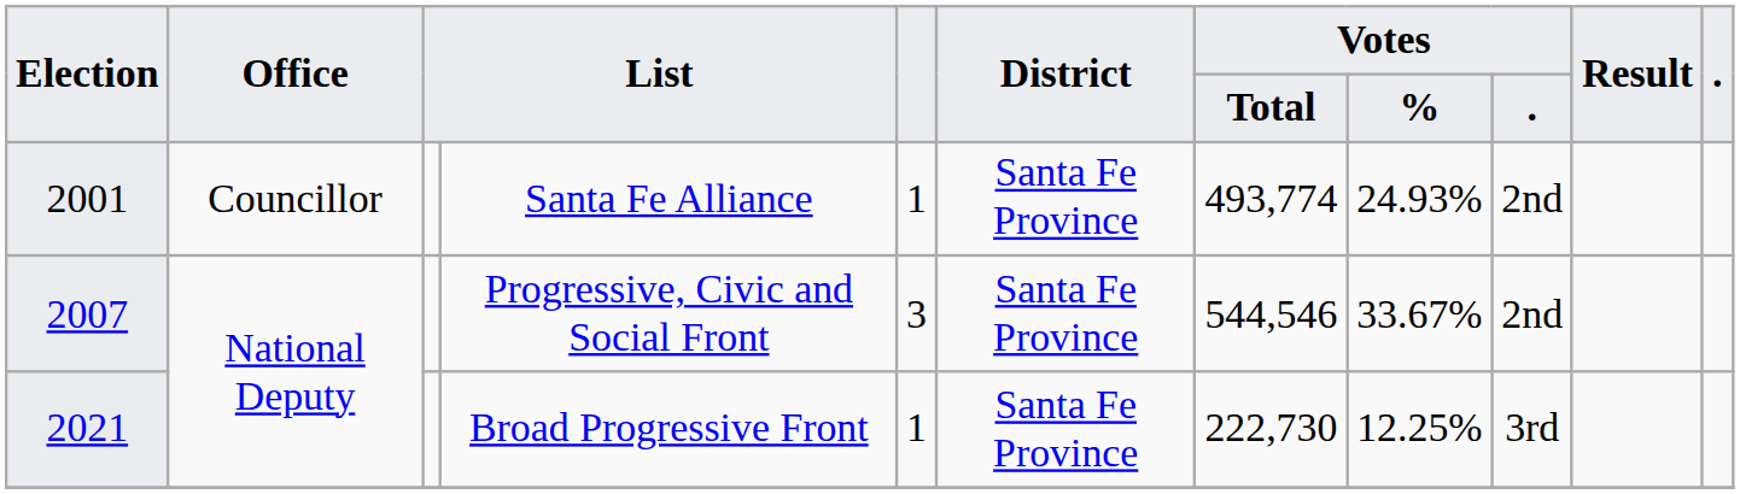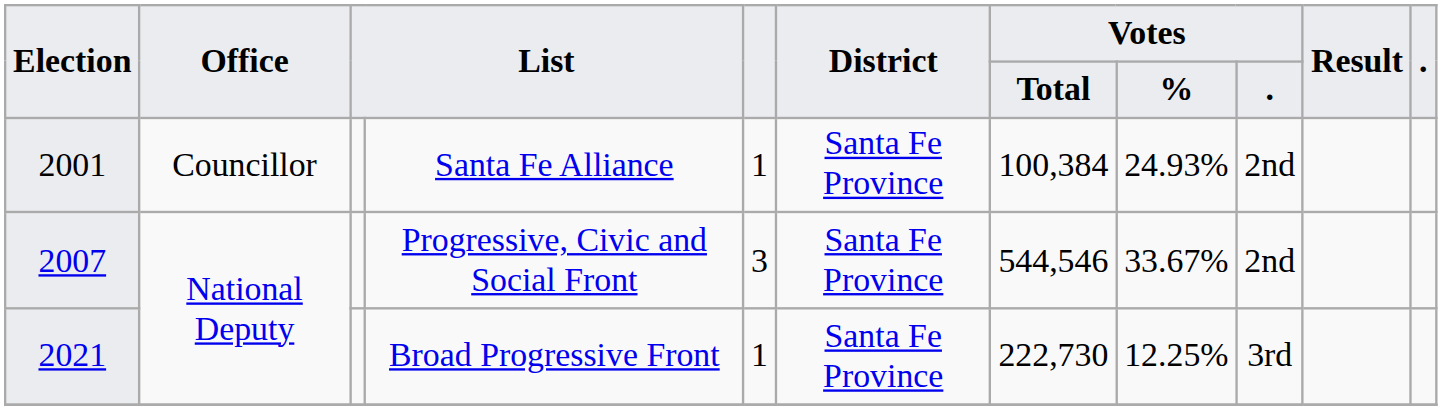 <table class="wikitable" style="font-size:90%; text-align:center;">
 <tr>
 <th style="background-color:#EAECF0;" rowspan=2>Election</th>
 <th style="background-color:#EAECF0;" rowspan=2>Office</th>
 <th style="background-color:#EAECF0;" colspan=2 rowspan=2>List</th>
 <th style="background-color:#EAECF0;" rowspan=2></th>
 <th style="background-color:#EAECF0;" rowspan=2>District</th>
 <th style="background-color:#EAECF0;" colspan=3>Votes</th>
 <th style="background-color:#EAECF0;" rowspan=2>Result</th>
 <th style="background-color:#EAECF0;" rowspan=2>.</th>
 </tr>
 <tr>
 <th style="background-color:#EAECF0;">Total</th>
 <th style="background-color:#EAECF0;">%</th>
 <th style="background-color:#EAECF0;">.</th>
 </tr>
 <tr>
 <td style="background-color:#EAECF0;">2001</td>
 <td>Councillor</td>
 <td style="background-color:"></td>
 <td><a href='#'>Santa Fe Alliance</a></td>
 <td>1</td>
 <td><a href='#'>Santa Fe Province</a></td>
-<td>493,774</td>
+<td>100,384</td>
 <td>24.93%</td>
 <td>2nd</td>
 <td></td>
 <td></td>
 </tr>
 <tr>
 <td style="background-color:#EAECF0;"><a href='#'>2007</a></td>
 <td rowspan="2"><a href='#'>National Deputy</a></td>
 <td style="background-color:"></td>
 <td><a href='#'>Progressive, Civic and Social Front</a></td>
 <td>3</td>
 <td><a href='#'>Santa Fe Province</a></td>
 <td>544,546</td>
 <td>33.67%</td>
 <td>2nd</td>
 <td></td>
 <td></td>
 </tr>
 <tr>
 <td style="background-color:#EAECF0;"><a href='#'>2021</a></td>
 <td style="background-color:"></td>
 <td><a href='#'>Broad Progressive Front</a></td>
 <td>1</td>
 <td><a href='#'>Santa Fe Province</a></td>
 <td>222,730</td>
 <td>12.25%</td>
 <td>3rd</td>
 <td></td>
 <td></td>
 </tr>
 <tr>
 </tr>
 </table>
